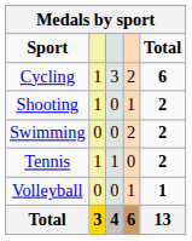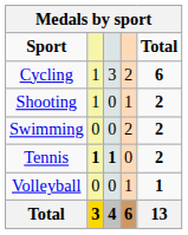 <table class="wikitable" style="font-size:85%">
 <tr style="background:#efefef;">
 <th colspan=7><strong>Medals by sport</strong></th>
 </tr>
 <tr align=center>
 <td><strong>Sport</strong></td>
 <td bgcolor=#f7f6a8></td>
 <td bgcolor=#dce5e5></td>
 <td bgcolor=#ffdab9></td>
 <td><strong>Total</strong></td>
 </tr>
 <tr align=center>
 <td><a href='#'>Cycling</a></td>
 <td style="background:#F7F6A8;">1</td>
 <td style="background:#DCE5E5;">3</td>
 <td style="background:#FFDAB9;">2</td>
 <td><strong>6</strong></td>
 </tr>
 <tr align=center>
 <td><a href='#'>Shooting</a></td>
 <td style="background:#F7F6A8;">1</td>
 <td style="background:#DCE5E5;">0</td>
 <td style="background:#FFDAB9;">1</td>
 <td><strong>2</strong></td>
 </tr>
 <tr align=center>
 <td><a href='#'>Swimming</a></td>
 <td style="background:#F7F6A8;">0</td>
 <td style="background:#DCE5E5;">0</td>
 <td style="background:#FFDAB9;">2</td>
 <td><strong>2</strong></td>
 </tr>
 <tr align=center>
 <td><a href='#'>Tennis</a></td>
-<td style="background:#F7F6A8;">1</td>
-<td style="background:#DCE5E5;">1</td>
+<td style="background:#F7F6A8;"><strong>1</strong></td>
+<td style="background:#DCE5E5;"><strong>1</strong></td>
 <td style="background:#FFDAB9;">0</td>
 <td><strong>2</strong></td>
 </tr>
 <tr align=center>
 <td><a href='#'>Volleyball</a></td>
 <td style="background:#F7F6A8;">0</td>
 <td style="background:#DCE5E5;">0</td>
 <td style="background:#FFDAB9;">1</td>
 <td><strong>1</strong></td>
 </tr>
 <tr align=center>
 <th><strong>Total</strong></th>
 <th style="background:gold;"><strong>3</strong></th>
 <th style="background:silver;"><strong>4</strong></th>
 <th style="background:#c96;"><strong>6</strong></th>
 <th><strong>13</strong></th>
 </tr>
 </table>
